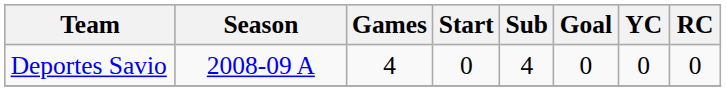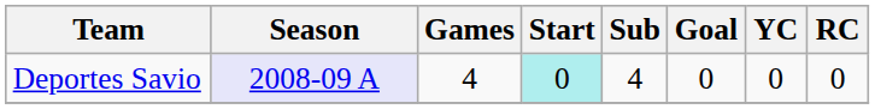 <table class="wikitable" border="1">
 <tr>
 <th width="100">Team</th>
 <th width="100">Season</th>
 <th width="25">Games</th>
 <th width="25">Start</th>
 <th width="25">Sub</th>
 <th width="25">Goal</th>
 <th width="25">YC</th>
 <th width="25">RC</th>
 </tr>
 <tr>
 <td width="100"><a href='#'>Deportes Savio</a></td>
-<td align="center"><a href='#'>2008-09 A</a></td>
+<td align="center" style="background: lavender;"><a href='#'>2008-09 A</a></td>
 <td align="center">4</td>
-<td align="center">0</td>
+<td align="center" style="background: paleturquoise;">0</td>
 <td align="center">4</td>
 <td align="center">0</td>
 <td align="center">0</td>
 <td align="center">0</td>
 </tr>
 <tr>
 </tr>
 </table>
